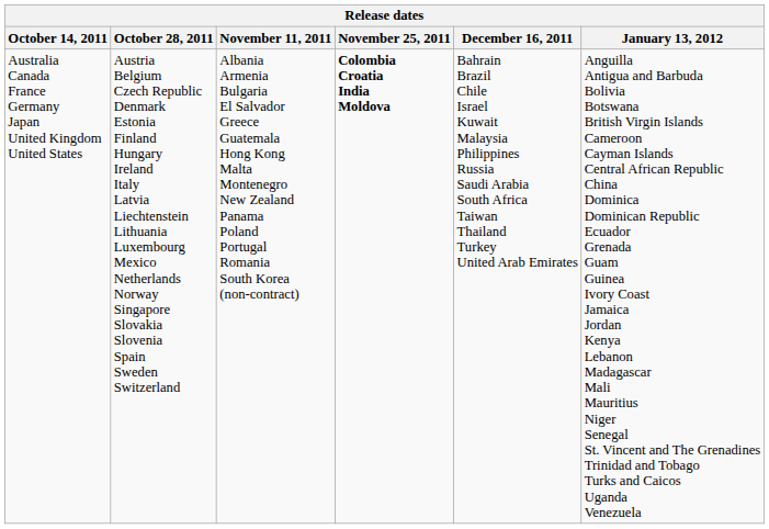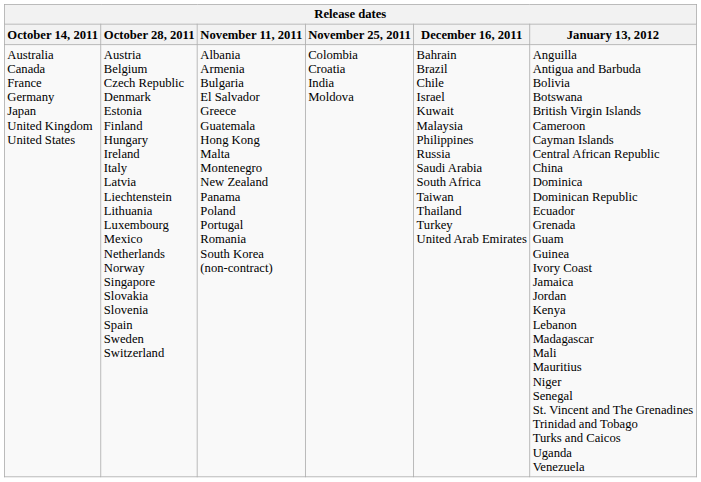 <table class="wikitable collapsible collapsed">
 <tr>
 <th colspan="6">Release dates</th>
 </tr>
 <tr>
 <th>October 14, 2011</th>
 <th>October 28, 2011</th>
 <th>November 11, 2011</th>
 <th>November 25, 2011</th>
 <th>December 16, 2011</th>
 <th>January 13, 2012</th>
 </tr>
 <tr valign=top>
 <td>Australia <br>Canada <br>France <br>Germany <br>Japan <br>United Kingdom <br>United States</td>
 <td>Austria <br>Belgium<br>Czech Republic<br>Denmark<br>Estonia<br>Finland<br>Hungary<br>Ireland<br>Italy<br>Latvia<br>Liechtenstein<br>Lithuania<br>Luxembourg<br>Mexico<br>Netherlands<br>Norway<br>Singapore<br>Slovakia<br>Slovenia<br>Spain<br>Sweden<br>Switzerland</td>
 <td>Albania<br>Armenia<br>Bulgaria<br>El Salvador<br>Greece<br>Guatemala<br>Hong Kong<br>Malta<br>Montenegro<br>New Zealand<br>Panama<br>Poland<br>Portugal<br>Romania<br>South Korea<br> (non-contract)</td>
-<td><strong>Colombia<br>Croatia<br>India<br>Moldova</strong></td>
+<td>Colombia<br>Croatia<br>India<br>Moldova</td>
 <td>Bahrain<br>Brazil<br>Chile<br>Israel<br>Kuwait<br>Malaysia<br>Philippines<br>Russia<br>Saudi Arabia<br>South Africa<br>Taiwan<br>Thailand<br>Turkey<br>United Arab Emirates</td>
 <td>Anguilla<br>Antigua and Barbuda<br>Bolivia<br>Botswana<br>British Virgin Islands<br>Cameroon<br>Cayman Islands<br>Central African Republic<br>China<br>Dominica<br>Dominican Republic<br>Ecuador<br>Grenada<br>Guam<br>Guinea<br>Ivory Coast<br>Jamaica<br>Jordan<br>Kenya<br>Lebanon<br>Madagascar<br>Mali<br>Mauritius<br>Niger<br>Senegal<br>St. Vincent and The Grenadines<br>Trinidad and Tobago<br>Turks and Caicos<br>Uganda<br>Venezuela<br></td>
 </tr>
 </table>
